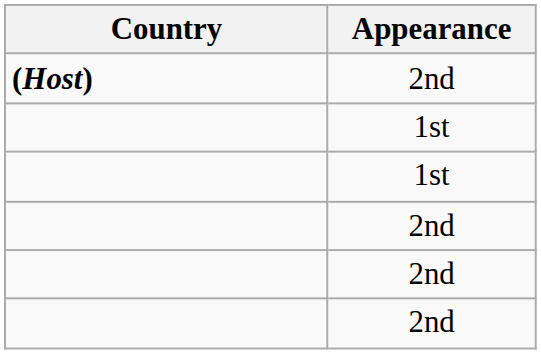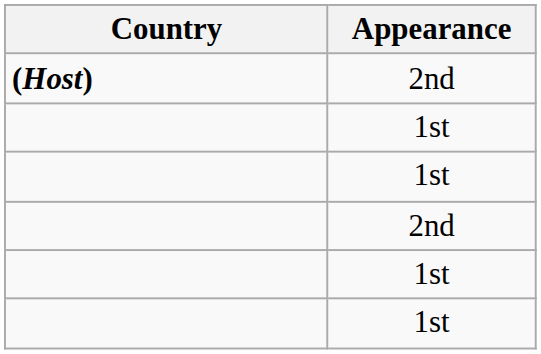 <table class="wikitable sortable" style="text-align:left;">
 <tr>
 <th style="width:160px;">Country</th>
 <th style="width:100px;">Appearance</th>
 </tr>
 <tr>
 <td><strong> (<em>Host</em>)</strong></td>
 <td align=center>2nd</td>
 </tr>
 <tr>
 <td></td>
 <td align=center>1st</td>
 </tr>
 <tr>
 <td></td>
 <td align=center>1st</td>
 </tr>
 <tr>
 <td></td>
 <td align=center>2nd</td>
 </tr>
 <tr>
 <td></td>
-<td align=center>2nd</td>
+<td align=center>1st</td>
 </tr>
 <tr>
 <td></td>
-<td align=center>2nd</td>
+<td align=center>1st</td>
 </tr>
 </table>
